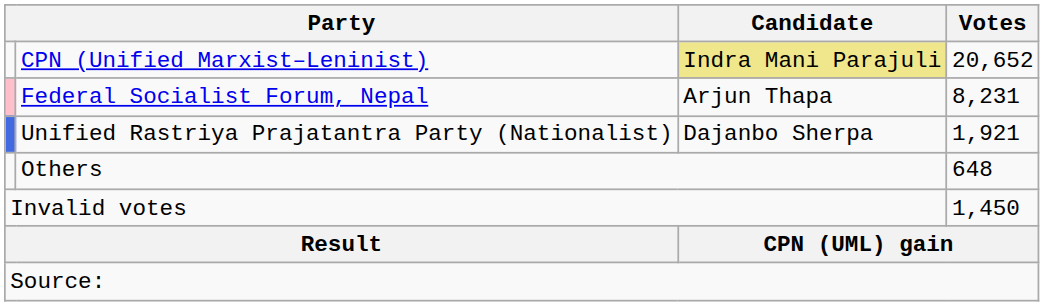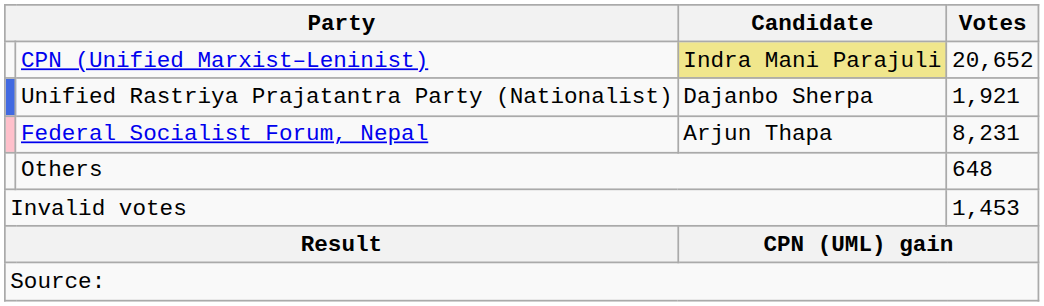 <table class="wikitable">
 <tr>
 <th colspan="2">Party</th>
 <th>Candidate</th>
 <th>Votes</th>
 </tr>
 <tr>
 <td style="background-color:"></td>
 <td><a href='#'>CPN (Unified Marxist–Leninist)</a></td>
 <td style="background: khaki;">Indra Mani Parajuli</td>
 <td>20,652</td>
 </tr>
 <tr>
+<td style="background-color:royalblue"></td>
+<td>Unified Rastriya Prajatantra Party (Nationalist)</td>
+<td>Dajanbo Sherpa</td>
+<td>1,921</td>
+</tr>
+<tr>
 <td style="background-color:#ffc0cb"></td>
 <td><a href='#'>Federal Socialist Forum, Nepal</a></td>
 <td>Arjun Thapa</td>
 <td>8,231</td>
-</tr>
-<tr>
-<td style="background-color:royalblue"></td>
-<td>Unified Rastriya Prajatantra Party (Nationalist)</td>
-<td>Dajanbo Sherpa</td>
-<td>1,921</td>
 </tr>
 <tr>
 <td></td>
 <td colspan="2">Others</td>
 <td>648</td>
 </tr>
 <tr>
 <td colspan="3">Invalid votes</td>
-<td>1,450</td>
+<td>1,453</td>
 </tr>
 <tr>
 <th colspan="2">Result</th>
 <th colspan="2">CPN (UML) gain</th>
 </tr>
 <tr>
 <td colspan="4">Source: </td>
 </tr>
 </table>
